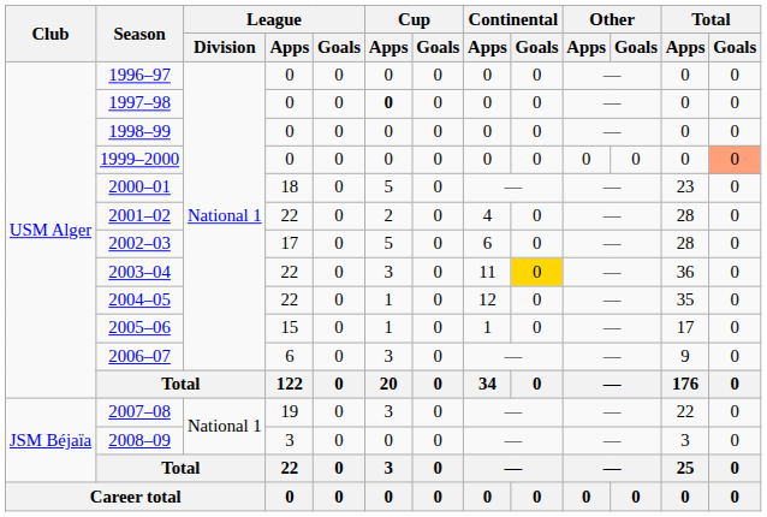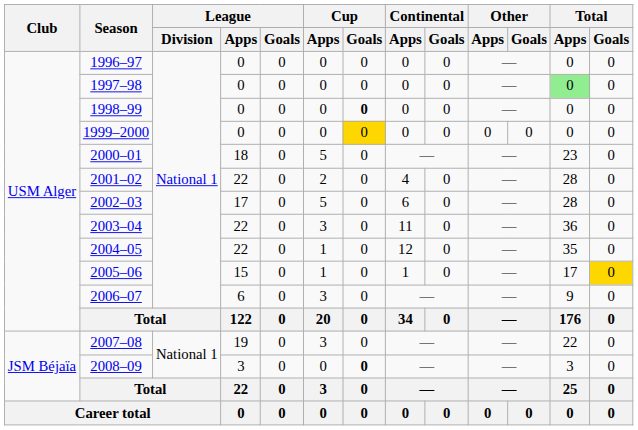 <table class="wikitable" style="text-align: center">
 <tr>
 <th rowspan="2">Club</th>
 <th rowspan="2">Season</th>
 <th colspan="3">League</th>
 <th colspan="2">Cup</th>
 <th colspan="2">Continental</th>
 <th colspan="2">Other</th>
 <th colspan="2">Total</th>
 </tr>
 <tr>
 <th>Division</th>
 <th>Apps</th>
 <th>Goals</th>
 <th>Apps</th>
 <th>Goals</th>
 <th>Apps</th>
 <th>Goals</th>
 <th>Apps</th>
 <th>Goals</th>
 <th>Apps</th>
 <th>Goals</th>
 </tr>
 <tr>
 <td rowspan="12" valign="center"><a href='#'>USM Alger</a></td>
 <td><a href='#'>1996–97</a></td>
 <td rowspan=11><a href='#'>National 1</a></td>
 <td>0</td>
 <td>0</td>
 <td>0</td>
 <td>0</td>
 <td>0</td>
 <td>0</td>
 <td colspan=2>—</td>
 <td>0</td>
 <td>0</td>
 </tr>
 <tr>
 <td><a href='#'>1997–98</a></td>
 <td>0</td>
 <td>0</td>
-<td><strong>0</strong></td>
+<td>0</td>
 <td>0</td>
 <td>0</td>
 <td>0</td>
 <td colspan=2>—</td>
-<td>0</td>
+<td style="background: lightgreen;">0</td>
 <td>0</td>
 </tr>
 <tr>
 <td><a href='#'>1998–99</a></td>
 <td>0</td>
 <td>0</td>
 <td>0</td>
-<td>0</td>
+<td><strong>0</strong></td>
 <td>0</td>
 <td>0</td>
 <td colspan=2>—</td>
 <td>0</td>
 <td>0</td>
 </tr>
 <tr>
 <td><a href='#'>1999–2000</a></td>
 <td>0</td>
 <td>0</td>
 <td>0</td>
+<td style="background: gold;">0</td>
 <td>0</td>
 <td>0</td>
 <td>0</td>
 <td>0</td>
 <td>0</td>
 <td>0</td>
-<td style="background: lightsalmon;">0</td>
 </tr>
 <tr>
 <td><a href='#'>2000–01</a></td>
 <td>18</td>
 <td>0</td>
 <td>5</td>
 <td>0</td>
 <td colspan=2>—</td>
 <td colspan=2>—</td>
 <td>23</td>
 <td>0</td>
 </tr>
 <tr>
 <td><a href='#'>2001–02</a></td>
 <td>22</td>
 <td>0</td>
 <td>2</td>
 <td>0</td>
 <td>4</td>
 <td>0</td>
 <td colspan=2>—</td>
 <td>28</td>
 <td>0</td>
 </tr>
 <tr>
 <td><a href='#'>2002–03</a></td>
 <td>17</td>
 <td>0</td>
 <td>5</td>
 <td>0</td>
 <td>6</td>
 <td>0</td>
 <td colspan=2>—</td>
 <td>28</td>
 <td>0</td>
 </tr>
 <tr>
 <td><a href='#'>2003–04</a></td>
 <td>22</td>
 <td>0</td>
 <td>3</td>
 <td>0</td>
 <td>11</td>
-<td style="background: gold;">0</td>
+<td>0</td>
 <td colspan=2>—</td>
 <td>36</td>
 <td>0</td>
 </tr>
 <tr>
 <td><a href='#'>2004–05</a></td>
 <td>22</td>
 <td>0</td>
 <td>1</td>
 <td>0</td>
 <td>12</td>
 <td>0</td>
 <td colspan=2>—</td>
 <td>35</td>
 <td>0</td>
 </tr>
 <tr>
 <td><a href='#'>2005–06</a></td>
 <td>15</td>
 <td>0</td>
 <td>1</td>
 <td>0</td>
 <td>1</td>
 <td>0</td>
 <td colspan=2>—</td>
 <td>17</td>
-<td>0</td>
+<td style="background: gold;">0</td>
 </tr>
 <tr>
 <td><a href='#'>2006–07</a></td>
 <td>6</td>
 <td>0</td>
 <td>3</td>
 <td>0</td>
 <td colspan=2>—</td>
 <td colspan=2>—</td>
 <td>9</td>
 <td>0</td>
 </tr>
 <tr>
 <th colspan="2">Total</th>
 <th>122</th>
 <th>0</th>
 <th>20</th>
 <th>0</th>
 <th>34</th>
 <th>0</th>
 <th colspan=2>—</th>
 <th>176</th>
 <th>0</th>
 </tr>
 <tr>
 <td rowspan="3" valign="center"><a href='#'>JSM Béjaïa</a></td>
 <td><a href='#'>2007–08</a></td>
 <td rowspan=2>National 1</td>
 <td>19</td>
 <td>0</td>
 <td>3</td>
 <td>0</td>
 <td colspan=2>—</td>
 <td colspan=2>—</td>
 <td>22</td>
 <td>0</td>
 </tr>
 <tr>
 <td><a href='#'>2008–09</a></td>
 <td>3</td>
 <td>0</td>
 <td>0</td>
-<td>0</td>
+<td><strong>0</strong></td>
 <td colspan=2>—</td>
 <td colspan=2>—</td>
 <td>3</td>
 <td>0</td>
 </tr>
 <tr>
 <th colspan="2">Total</th>
 <th>22</th>
 <th>0</th>
 <th>3</th>
 <th>0</th>
 <th colspan=2>—</th>
 <th colspan=2>—</th>
 <th>25</th>
 <th>0</th>
 </tr>
 <tr>
 <th colspan="3">Career total</th>
 <th>0</th>
 <th>0</th>
 <th>0</th>
 <th>0</th>
 <th>0</th>
 <th>0</th>
 <th>0</th>
 <th>0</th>
 <th>0</th>
 <th>0</th>
 </tr>
 </table>
